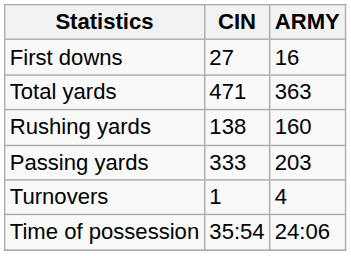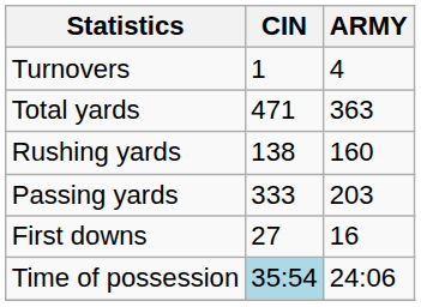 <table class="wikitable">
 <tr>
 <th>Statistics</th>
 <th>CIN</th>
 <th>ARMY</th>
 </tr>
 <tr>
-<td>First downs</td>
-<td>27</td>
-<td>16</td>
+<td>Turnovers</td>
+<td>1</td>
+<td>4</td>
 </tr>
 <tr>
 <td>Total yards</td>
 <td>471</td>
 <td>363</td>
 </tr>
 <tr>
 <td>Rushing yards</td>
 <td>138</td>
 <td>160</td>
 </tr>
 <tr>
 <td>Passing yards</td>
 <td>333</td>
 <td>203</td>
 </tr>
 <tr>
-<td>Turnovers</td>
-<td>1</td>
-<td>4</td>
+<td>First downs</td>
+<td>27</td>
+<td>16</td>
 </tr>
 <tr>
 <td>Time of possession</td>
-<td>35:54</td>
+<td style="background: lightblue;">35:54</td>
 <td>24:06</td>
 </tr>
 <tr>
 </tr>
 </table>
